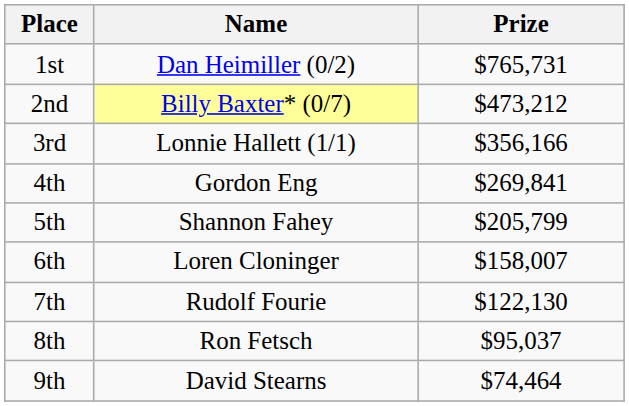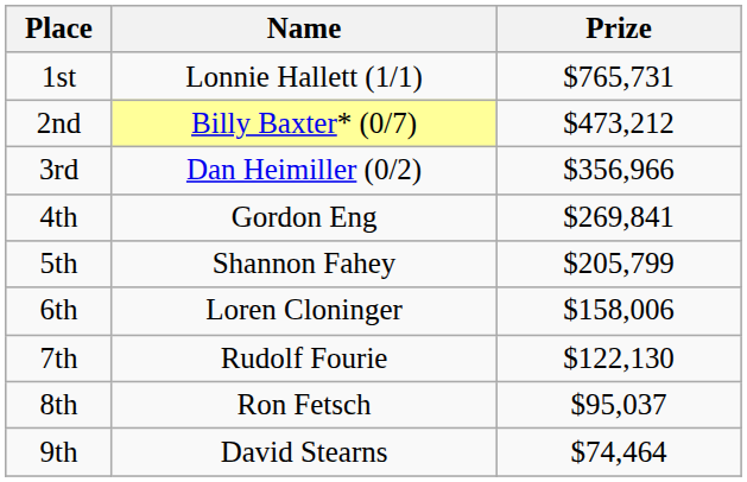 <table class="wikitable">
 <tr>
 <th width="50">Place</th>
 <th width="200">Name</th>
 <th width="125">Prize</th>
 </tr>
 <tr>
 <td align = "center">1st</td>
-<td align = "center"> <a href='#'>Dan Heimiller</a> (0/2)</td>
+<td align = "center"> Lonnie Hallett (1/1)</td>
 <td align = "center">$765,731</td>
 </tr>
 <tr>
 <td align = "center">2nd</td>
 <td align="center" style="background-color:#FFFF99;"> <a href='#'>Billy Baxter</a>* (0/7)</td>
 <td align = "center">$473,212</td>
 </tr>
 <tr>
 <td align = "center">3rd</td>
-<td align = "center"> Lonnie Hallett (1/1)</td>
-<td align = "center">$356,166</td>
+<td align = "center"> <a href='#'>Dan Heimiller</a> (0/2)</td>
+<td align = "center">$356,966</td>
 </tr>
 <tr>
 <td align = "center">4th</td>
 <td align = "center"> Gordon Eng</td>
 <td align = "center">$269,841</td>
 </tr>
 <tr>
 <td align = "center">5th</td>
 <td align = "center"> Shannon Fahey</td>
 <td align = "center">$205,799</td>
 </tr>
 <tr>
 <td align = "center">6th</td>
 <td align = "center"> Loren Cloninger</td>
-<td align = "center">$158,007</td>
+<td align = "center">$158,006</td>
 </tr>
 <tr>
 <td align = "center">7th</td>
 <td align = "center"> Rudolf Fourie</td>
 <td align = "center">$122,130</td>
 </tr>
 <tr>
 <td align = "center">8th</td>
 <td align = "center"> Ron Fetsch</td>
 <td align = "center">$95,037</td>
 </tr>
 <tr>
 <td align = "center">9th</td>
 <td align = "center"> David Stearns</td>
 <td align = "center">$74,464</td>
 </tr>
 </table>
